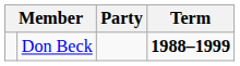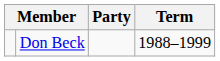 <table class="wikitable">
 <tr>
 <th colspan="2">Member</th>
 <th>Party</th>
 <th>Term</th>
 </tr>
 <tr>
 <td> </td>
 <td><a href='#'>Don Beck</a></td>
 <td></td>
-<td><strong>1988–1999</strong></td>
+<td>1988–1999</td>
 </tr>
 </table>
